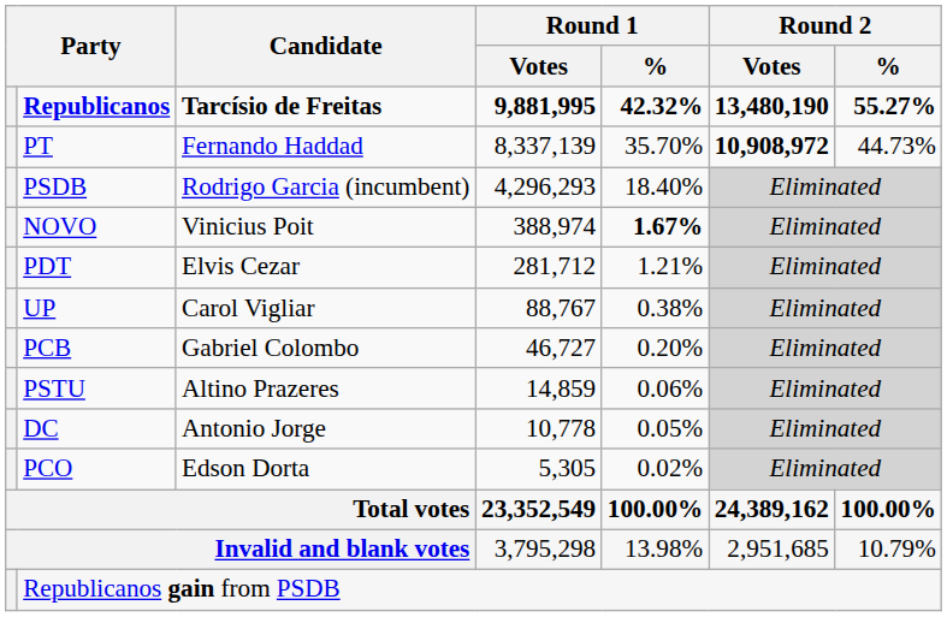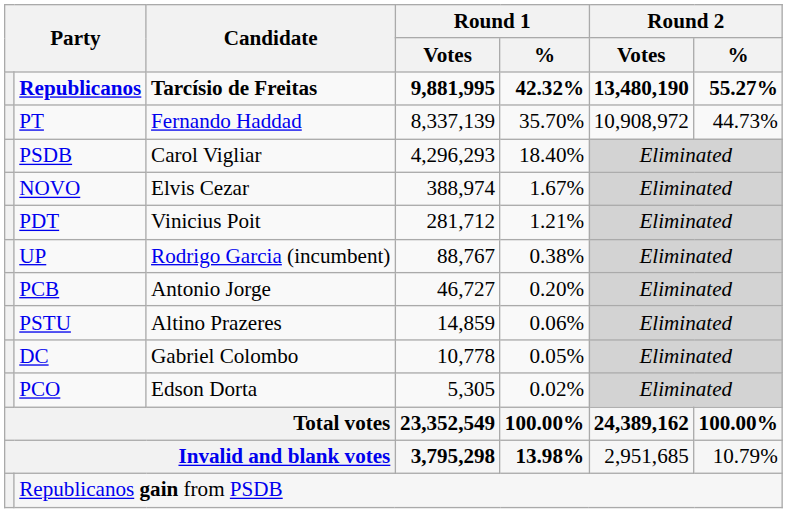 <table class="wikitable sortable" style="text-align:right">
 <tr>
 <th colspan=2 rowspan=2>Party</th>
 <th rowspan=2>Candidate</th>
 <th colspan=2>Round 1</th>
 <th colspan=2>Round 2</th>
 </tr>
 <tr>
 <th>Votes</th>
 <th>%</th>
 <th>Votes</th>
 <th>%</th>
 </tr>
 <tr>
 <th style="background-color:"></th>
 <td style="text-align:left"><strong><a href='#'>Republicanos</a></strong></td>
 <td style="text-align:left"><strong>Tarcísio de Freitas</strong></td>
 <td><strong>9,881,995</strong></td>
 <td><strong>42.32%</strong></td>
 <td><strong>13,480,190</strong></td>
 <td><strong>55.27%</strong></td>
 </tr>
 <tr>
 <th style="background-color:"></th>
 <td style="text-align:left"><a href='#'>PT</a></td>
 <td style="text-align:left"><a href='#'>Fernando Haddad</a></td>
 <td>8,337,139</td>
 <td>35.70%</td>
-<td><strong>10,908,972</strong></td>
+<td>10,908,972</td>
 <td>44.73%</td>
 </tr>
 <tr>
 <th style="background-color:"></th>
 <td style="text-align:left"><a href='#'>PSDB</a></td>
-<td style="text-align:left"><a href='#'>Rodrigo Garcia</a> (incumbent)</td>
+<td style="text-align:left">Carol Vigliar</td>
 <td>4,296,293</td>
 <td>18.40%</td>
 <td colspan="2"  style="background:lightgrey; text-align:center;"><em>Eliminated</em></td>
 </tr>
 <tr>
 <th style="background-color:"></th>
 <td style="text-align:left"><a href='#'>NOVO</a></td>
-<td style="text-align:left">Vinicius Poit</td>
+<td style="text-align:left">Elvis Cezar</td>
 <td>388,974</td>
-<td><strong>1.67%</strong></td>
+<td>1.67%</td>
 <td colspan="2"  style="background:lightgrey; text-align:center;"><em>Eliminated</em></td>
 </tr>
 <tr>
 <th style="background-color:"></th>
 <td style="text-align:left"><a href='#'>PDT</a></td>
-<td style="text-align:left">Elvis Cezar</td>
+<td style="text-align:left">Vinicius Poit</td>
 <td>281,712</td>
 <td>1.21%</td>
 <td colspan="2"  style="background:lightgrey; text-align:center;"><em>Eliminated</em></td>
 </tr>
 <tr>
 <th style="background-color:"></th>
 <td style="text-align:left"><a href='#'>UP</a></td>
-<td style="text-align:left">Carol Vigliar</td>
+<td style="text-align:left"><a href='#'>Rodrigo Garcia</a> (incumbent)</td>
 <td>88,767</td>
 <td>0.38%</td>
 <td colspan="2"  style="background:lightgrey; text-align:center;"><em>Eliminated</em></td>
 </tr>
 <tr>
 <th style="background-color:"></th>
 <td style="text-align:left"><a href='#'>PCB</a></td>
-<td style="text-align:left">Gabriel Colombo</td>
+<td style="text-align:left">Antonio Jorge</td>
 <td>46,727</td>
 <td>0.20%</td>
 <td colspan="2"  style="background:lightgrey; text-align:center;"><em>Eliminated</em></td>
 </tr>
 <tr>
 <th style="background-color:"></th>
 <td style="text-align:left"><a href='#'>PSTU</a></td>
 <td style="text-align:left">Altino Prazeres</td>
 <td>14,859</td>
 <td>0.06%</td>
 <td colspan="2"  style="background:lightgrey; text-align:center;"><em>Eliminated</em></td>
 </tr>
 <tr>
 <th style="background-color:"></th>
 <td style="text-align:left"><a href='#'>DC</a></td>
-<td style="text-align:left">Antonio Jorge</td>
+<td style="text-align:left">Gabriel Colombo</td>
 <td>10,778</td>
 <td>0.05%</td>
 <td colspan="2"  style="background:lightgrey; text-align:center;"><em>Eliminated</em></td>
 </tr>
 <tr>
 <th style="background-color:"></th>
 <td style="text-align:left"><a href='#'>PCO</a></td>
 <td style="text-align:left">Edson Dorta</td>
 <td>5,305</td>
 <td>0.02%</td>
 <td colspan="2"  style="background:lightgrey; text-align:center;"><em>Eliminated</em></td>
 </tr>
 <tr class="sortbottom" style="background:#f6f6f6;">
 <th colspan=3 scope="row" style="text-align:right;">Total votes</th>
 <td><strong>23,352,549</strong></td>
 <td><strong>100.00%</strong></td>
 <td><strong>24,389,162</strong></td>
 <td><strong>100.00%</strong></td>
 </tr>
 <tr class="sortbottom" style="background:#f6f6f6;">
 <th colspan=3 scope="row" style="text-align:right;"><a href='#'>Invalid and blank votes</a></th>
-<td>3,795,298</td>
-<td>13.98%</td>
+<td><strong>3,795,298</strong></td>
+<td><strong>13.98%</strong></td>
 <td>2,951,685</td>
 <td>10.79%</td>
 </tr>
 <tr class="sortbottom" style="background:#f6f6f6;">
 <th style="background-color:"></th>
 <td style="text-align:left" colspan=6><a href='#'>Republicanos</a> <strong>gain</strong> from <a href='#'>PSDB</a></td>
 </tr>
 </table>
